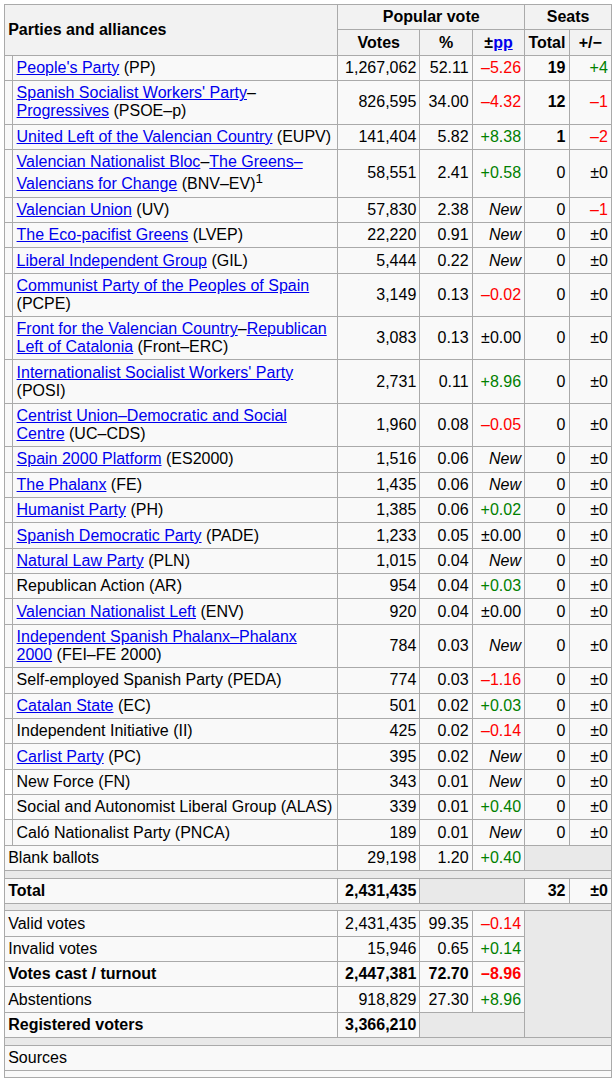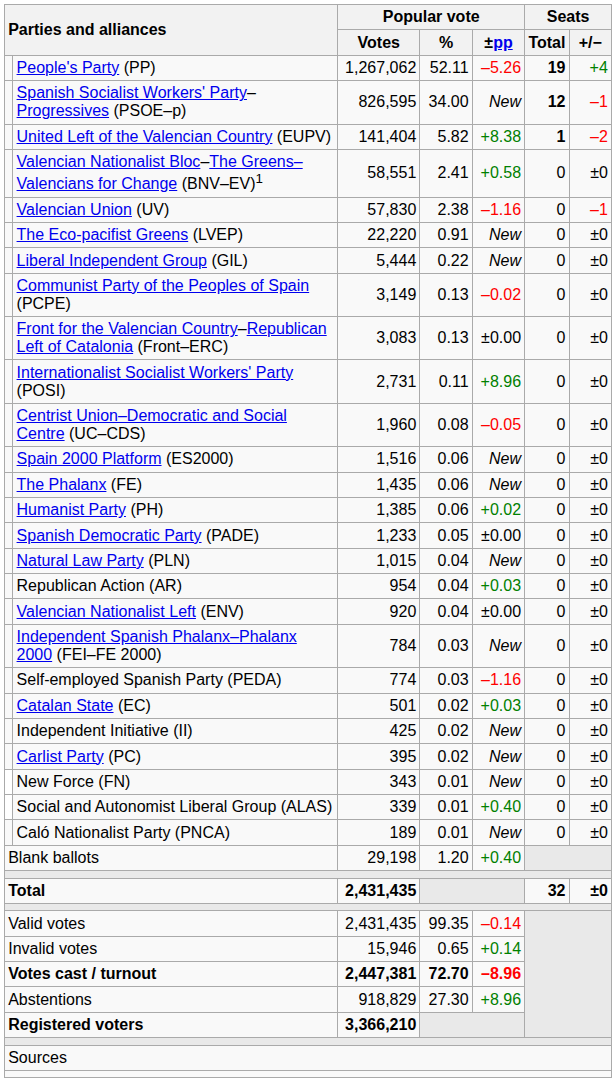 <table class="wikitable" style="text-align:right;">
 <tr>
 <th style="text-align:left;" rowspan="2" colspan="2" width="525">Parties and alliances</th>
 <th colspan="3">Popular vote</th>
 <th colspan="2">Seats</th>
 </tr>
 <tr>
 <th width="75">Votes</th>
 <th width="45">%</th>
 <th width="45">±<a href='#'>pp</a></th>
 <th width="35">Total</th>
 <th width="35">+/−</th>
 </tr>
 <tr>
 <td width="1" style="color:inherit;background:"></td>
 <td align="left"><a href='#'>People's Party</a> (PP)</td>
 <td>1,267,062</td>
 <td>52.11</td>
 <td style="color:red;">–5.26</td>
 <td><strong>19</strong></td>
 <td style="color:green;">+4</td>
 </tr>
 <tr>
 <td style="color:inherit;background:"></td>
 <td align="left"><a href='#'>Spanish Socialist Workers' Party</a>–<a href='#'>Progressives</a> (PSOE–p)</td>
 <td>826,595</td>
 <td>34.00</td>
-<td style="color:red;">–4.32</td>
+<td><em>New</em></td>
 <td><strong>12</strong></td>
 <td style="color:red;">–1</td>
 </tr>
 <tr>
 <td style="color:inherit;background:"></td>
 <td align="left"><a href='#'>United Left of the Valencian Country</a> (EUPV)</td>
 <td>141,404</td>
 <td>5.82</td>
 <td style="color:green;">+8.38</td>
 <td><strong>1</strong></td>
 <td style="color:red;">–2</td>
 </tr>
 <tr>
 <td style="color:inherit;background:"></td>
 <td align="left"><a href='#'>Valencian Nationalist Bloc</a>–<a href='#'>The Greens–Valencians for Change</a> (BNV–EV)<sup>1</sup></td>
 <td>58,551</td>
 <td>2.41</td>
 <td style="color:green;">+0.58</td>
 <td>0</td>
 <td>±0</td>
 </tr>
 <tr>
 <td style="color:inherit;background:"></td>
 <td align="left"><a href='#'>Valencian Union</a> (UV)</td>
 <td>57,830</td>
 <td>2.38</td>
-<td><em>New</em></td>
+<td style="color:red;">–1.16</td>
 <td>0</td>
 <td style="color:red;">–1</td>
 </tr>
 <tr>
 <td style="color:inherit;background:"></td>
 <td align="left"><a href='#'>The Eco-pacifist Greens</a> (LVEP)</td>
 <td>22,220</td>
 <td>0.91</td>
 <td><em>New</em></td>
 <td>0</td>
 <td>±0</td>
 </tr>
 <tr>
 <td style="color:inherit;background:"></td>
 <td align="left"><a href='#'>Liberal Independent Group</a> (GIL)</td>
 <td>5,444</td>
 <td>0.22</td>
 <td><em>New</em></td>
 <td>0</td>
 <td>±0</td>
 </tr>
 <tr>
 <td style="color:inherit;background:"></td>
 <td align="left"><a href='#'>Communist Party of the Peoples of Spain</a> (PCPE)</td>
 <td>3,149</td>
 <td>0.13</td>
 <td style="color:red;">–0.02</td>
 <td>0</td>
 <td>±0</td>
 </tr>
 <tr>
 <td style="color:inherit;background:"></td>
 <td align="left"><a href='#'>Front for the Valencian Country</a>–<a href='#'>Republican Left of Catalonia</a> (Front–ERC)</td>
 <td>3,083</td>
 <td>0.13</td>
 <td>±0.00</td>
 <td>0</td>
 <td>±0</td>
 </tr>
 <tr>
 <td style="color:inherit;background:"></td>
 <td align="left"><a href='#'>Internationalist Socialist Workers' Party</a> (POSI)</td>
 <td>2,731</td>
 <td>0.11</td>
 <td style="color:green;">+8.96</td>
 <td>0</td>
 <td>±0</td>
 </tr>
 <tr>
 <td style="color:inherit;background:"></td>
 <td align="left"><a href='#'>Centrist Union–Democratic and Social Centre</a> (UC–CDS)</td>
 <td>1,960</td>
 <td>0.08</td>
 <td style="color:red;">–0.05</td>
 <td>0</td>
 <td>±0</td>
 </tr>
 <tr>
 <td style="color:inherit;background:"></td>
 <td align="left"><a href='#'>Spain 2000 Platform</a> (ES2000)</td>
 <td>1,516</td>
 <td>0.06</td>
 <td><em>New</em></td>
 <td>0</td>
 <td>±0</td>
 </tr>
 <tr>
 <td style="color:inherit;background:"></td>
 <td align="left"><a href='#'>The Phalanx</a> (FE)</td>
 <td>1,435</td>
 <td>0.06</td>
 <td><em>New</em></td>
 <td>0</td>
 <td>±0</td>
 </tr>
 <tr>
 <td style="color:inherit;background:"></td>
 <td align="left"><a href='#'>Humanist Party</a> (PH)</td>
 <td>1,385</td>
 <td>0.06</td>
 <td style="color:green;">+0.02</td>
 <td>0</td>
 <td>±0</td>
 </tr>
 <tr>
 <td style="color:inherit;background:"></td>
 <td align="left"><a href='#'>Spanish Democratic Party</a> (PADE)</td>
 <td>1,233</td>
 <td>0.05</td>
 <td>±0.00</td>
 <td>0</td>
 <td>±0</td>
 </tr>
 <tr>
 <td style="color:inherit;background:"></td>
 <td align="left"><a href='#'>Natural Law Party</a> (PLN)</td>
 <td>1,015</td>
 <td>0.04</td>
 <td><em>New</em></td>
 <td>0</td>
 <td>±0</td>
 </tr>
 <tr>
 <td style="color:inherit;background:"></td>
 <td align="left">Republican Action (AR)</td>
 <td>954</td>
 <td>0.04</td>
 <td style="color:green;">+0.03</td>
 <td>0</td>
 <td>±0</td>
 </tr>
 <tr>
 <td style="color:inherit;background:"></td>
 <td align="left"><a href='#'>Valencian Nationalist Left</a> (ENV)</td>
 <td>920</td>
 <td>0.04</td>
 <td>±0.00</td>
 <td>0</td>
 <td>±0</td>
 </tr>
 <tr>
 <td style="color:inherit;background:"></td>
 <td align="left"><a href='#'>Independent Spanish Phalanx–Phalanx 2000</a> (FEI–FE 2000)</td>
 <td>784</td>
 <td>0.03</td>
 <td><em>New</em></td>
 <td>0</td>
 <td>±0</td>
 </tr>
 <tr>
 <td style="color:inherit;background:"></td>
 <td align="left">Self-employed Spanish Party (PEDA)</td>
 <td>774</td>
 <td>0.03</td>
 <td style="color:red;">–1.16</td>
 <td>0</td>
 <td>±0</td>
 </tr>
 <tr>
 <td style="color:inherit;background:"></td>
 <td align="left"><a href='#'>Catalan State</a> (EC)</td>
 <td>501</td>
 <td>0.02</td>
 <td style="color:green;">+0.03</td>
 <td>0</td>
 <td>±0</td>
 </tr>
 <tr>
 <td style="color:inherit;background:"></td>
 <td align="left">Independent Initiative (II)</td>
 <td>425</td>
 <td>0.02</td>
-<td style="color:red;">–0.14</td>
+<td><em>New</em></td>
 <td>0</td>
 <td>±0</td>
 </tr>
 <tr>
 <td style="color:inherit;background:"></td>
 <td align="left"><a href='#'>Carlist Party</a> (PC)</td>
 <td>395</td>
 <td>0.02</td>
 <td><em>New</em></td>
 <td>0</td>
 <td>±0</td>
 </tr>
 <tr>
 <td bgcolor="white"></td>
 <td align="left">New Force (FN)</td>
 <td>343</td>
 <td>0.01</td>
 <td><em>New</em></td>
 <td>0</td>
 <td>±0</td>
 </tr>
 <tr>
 <td bgcolor="white"></td>
 <td align="left">Social and Autonomist Liberal Group (ALAS)</td>
 <td>339</td>
 <td>0.01</td>
 <td style="color:green;">+0.40</td>
 <td>0</td>
 <td>±0</td>
 </tr>
 <tr>
 <td style="color:inherit;background:"></td>
 <td align="left">Caló Nationalist Party (PNCA)</td>
 <td>189</td>
 <td>0.01</td>
 <td><em>New</em></td>
 <td>0</td>
 <td>±0</td>
 </tr>
 <tr>
 <td align="left" colspan="2">Blank ballots</td>
 <td>29,198</td>
 <td>1.20</td>
 <td style="color:green;">+0.40</td>
 <td bgcolor="#E9E9E9" colspan="2"></td>
 </tr>
 <tr>
 <td colspan="7" bgcolor="#E9E9E9"></td>
 </tr>
 <tr style="font-weight:bold;">
 <td align="left" colspan="2">Total</td>
 <td>2,431,435</td>
 <td bgcolor="#E9E9E9" colspan="2"></td>
 <td>32</td>
 <td>±0</td>
 </tr>
 <tr>
 <td colspan="7" bgcolor="#E9E9E9"></td>
 </tr>
 <tr>
 <td align="left" colspan="2">Valid votes</td>
 <td>2,431,435</td>
 <td>99.35</td>
 <td style="color:red;">–0.14</td>
 <td bgcolor="#E9E9E9" colspan="2" rowspan="5"></td>
 </tr>
 <tr>
 <td align="left" colspan="2">Invalid votes</td>
 <td>15,946</td>
 <td>0.65</td>
 <td style="color:green;">+0.14</td>
 </tr>
 <tr style="font-weight:bold;">
 <td align="left" colspan="2">Votes cast / turnout</td>
 <td>2,447,381</td>
 <td>72.70</td>
 <td style="color:red;">–8.96</td>
 </tr>
 <tr>
 <td align="left" colspan="2">Abstentions</td>
 <td>918,829</td>
 <td>27.30</td>
 <td style="color:green;">+8.96</td>
 </tr>
 <tr style="font-weight:bold;">
 <td align="left" colspan="2">Registered voters</td>
 <td>3,366,210</td>
 <td bgcolor="#E9E9E9" colspan="2"></td>
 </tr>
 <tr>
 <td colspan="7" bgcolor="#E9E9E9"></td>
 </tr>
 <tr>
 <td align="left" colspan="7">Sources</td>
 </tr>
 <tr>
 <td colspan="7" style="text-align:left; max-width:790px;"></td>
 </tr>
 </table>
